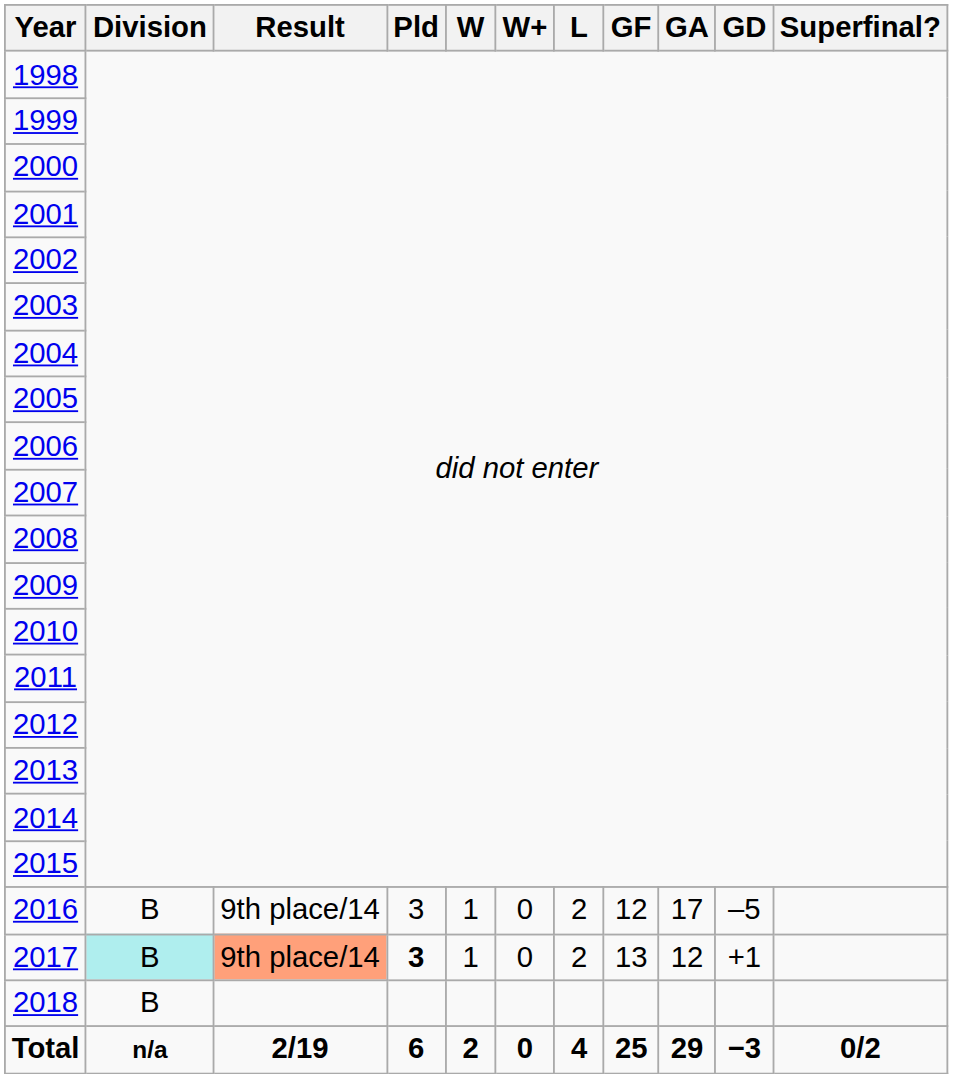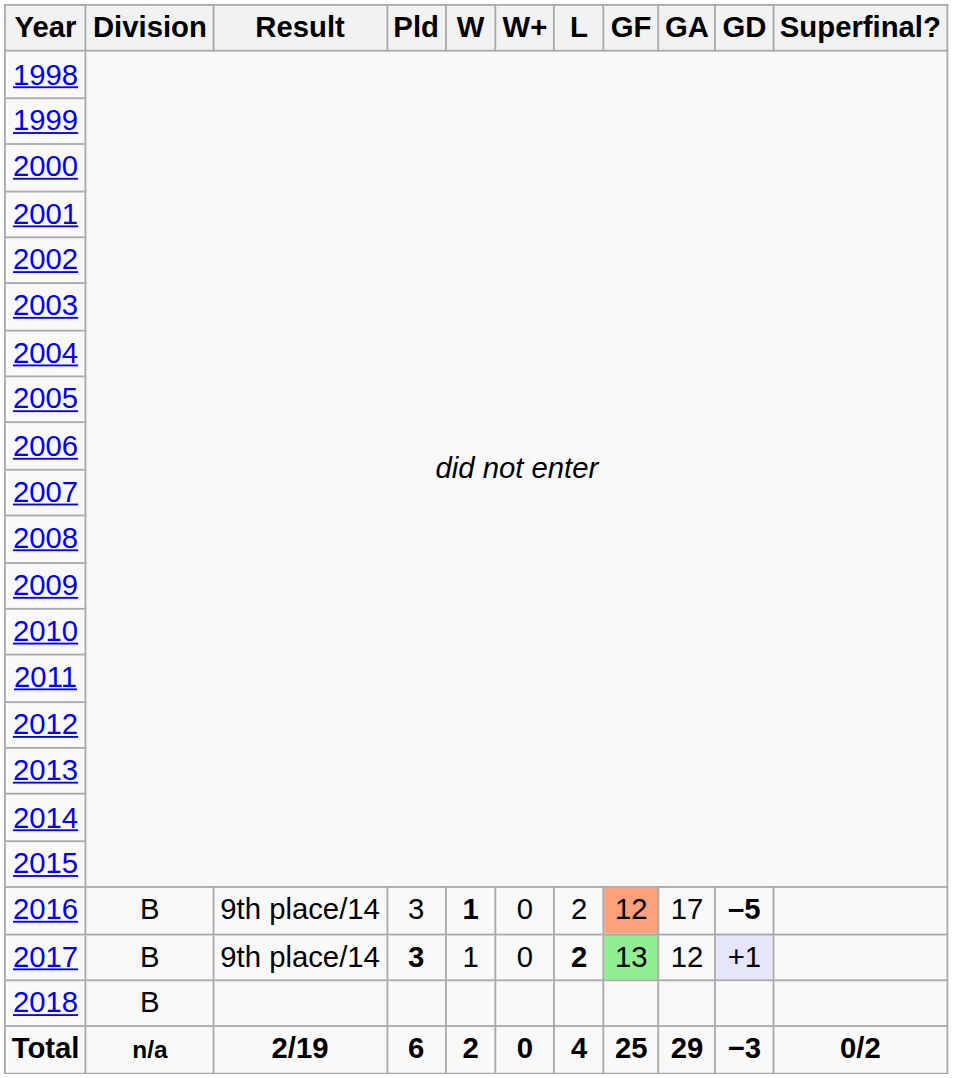 <table class="wikitable" style="text-align: center;">
 <tr>
 <th>Year</th>
 <th>Division</th>
 <th>Result</th>
 <th width=20>Pld</th>
 <th width=20>W</th>
 <th width=20>W+</th>
 <th width=20>L</th>
 <th width=20>GF</th>
 <th width=20>GA</th>
 <th width=20>GD</th>
 <th width=20>Superfinal?</th>
 </tr>
 <tr>
 <td><a href='#'>1998</a></td>
 <td colspan=10 rowspan=18><em>did not enter</em></td>
 </tr>
 <tr>
 <td><a href='#'>1999</a></td>
 </tr>
 <tr>
 <td><a href='#'>2000</a></td>
 </tr>
 <tr>
 <td><a href='#'>2001</a></td>
 </tr>
 <tr>
 <td><a href='#'>2002</a></td>
 </tr>
 <tr>
 <td><a href='#'>2003</a></td>
 </tr>
 <tr>
 <td><a href='#'>2004</a></td>
 </tr>
 <tr>
 <td><a href='#'>2005</a></td>
 </tr>
 <tr>
 <td><a href='#'>2006</a></td>
 </tr>
 <tr>
 <td><a href='#'>2007</a></td>
 </tr>
 <tr>
 <td><a href='#'>2008</a></td>
 </tr>
 <tr>
 <td><a href='#'>2009</a></td>
 </tr>
 <tr>
 <td><a href='#'>2010</a></td>
 </tr>
 <tr>
 <td><a href='#'>2011</a></td>
 </tr>
 <tr>
 <td><a href='#'>2012</a></td>
 </tr>
 <tr>
 <td><a href='#'>2013</a></td>
 </tr>
 <tr>
 <td><a href='#'>2014</a></td>
 </tr>
 <tr>
 <td><a href='#'>2015</a></td>
 </tr>
 <tr>
 <td><a href='#'>2016</a></td>
 <td>B</td>
 <td>9th place/14</td>
 <td>3</td>
-<td>1</td>
+<td><strong>1</strong></td>
 <td>0</td>
 <td>2</td>
-<td>12</td>
+<td style="background: lightsalmon;">12</td>
 <td>17</td>
-<td>–5</td>
+<td><strong>–5</strong></td>
 <td></td>
 </tr>
 <tr>
 <td><a href='#'>2017</a></td>
-<td style="background: paleturquoise;">B</td>
-<td style="background: lightsalmon;">9th place/14</td>
+<td>B</td>
+<td>9th place/14</td>
 <td><strong>3</strong></td>
 <td>1</td>
 <td>0</td>
-<td>2</td>
-<td>13</td>
+<td><strong>2</strong></td>
+<td style="background: lightgreen;">13</td>
 <td>12</td>
-<td>+1</td>
+<td style="background: lavender;">+1</td>
 <td></td>
 </tr>
 <tr>
 <td><a href='#'>2018</a></td>
 <td>B</td>
 <td></td>
 <td></td>
 <td></td>
 <td></td>
 <td></td>
 <td></td>
 <td></td>
 <td></td>
 <td></td>
 </tr>
 <tr>
 <td><strong>Total</strong></td>
 <td><strong><small>n/a</small></strong></td>
 <td><strong>2/19</strong></td>
 <td><strong>6</strong></td>
 <td><strong>2</strong></td>
 <td><strong>0</strong></td>
 <td><strong>4</strong></td>
 <td><strong>25</strong></td>
 <td><strong>29</strong></td>
 <td><strong>−3</strong></td>
 <td><strong>0/2</strong></td>
 </tr>
 </table>
